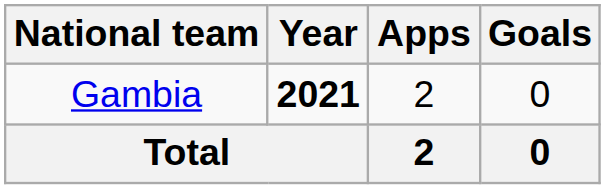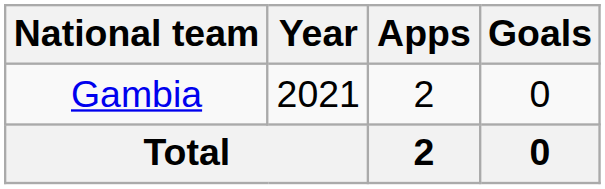 <table class="wikitable" style="text-align:center">
 <tr>
 <th>National team</th>
 <th>Year</th>
 <th>Apps</th>
 <th>Goals</th>
 </tr>
 <tr>
 <td rowspan="1"><a href='#'>Gambia</a></td>
-<td><strong>2021</strong></td>
+<td>2021</td>
 <td>2</td>
 <td>0</td>
 </tr>
 <tr>
 <th colspan="2">Total</th>
 <th>2</th>
 <th>0</th>
 </tr>
 </table>
